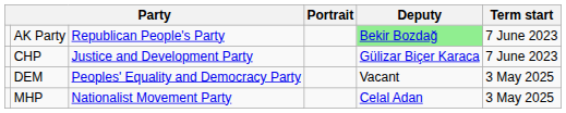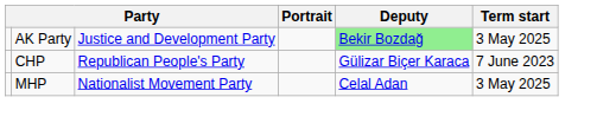 <table class="wikitable">
 <tr>
 <th colspan="3">Party</th>
 <th>Portrait</th>
 <th>Deputy</th>
 <th>Term start</th>
 </tr>
 <tr>
 <td style="background: "></td>
 <td>AK Party</td>
-<td><a href='#'>Republican People's Party</a></td>
+<td><a href='#'>Justice and Development Party</a></td>
 <td></td>
 <td style="background: lightgreen;"><a href='#'>Bekir Bozdağ</a></td>
-<td>7 June 2023</td>
+<td>3 May 2025</td>
 </tr>
 <tr>
 <td style="background: "></td>
 <td>CHP</td>
-<td><a href='#'>Justice and Development Party</a></td>
+<td><a href='#'>Republican People's Party</a></td>
 <td></td>
 <td><a href='#'>Gülizar Biçer Karaca</a></td>
 <td>7 June 2023</td>
-</tr>
-<tr>
-<td style="background: "></td>
-<td>DEM</td>
-<td><a href='#'>Peoples' Equality and Democracy Party</a></td>
-<td></td>
-<td>Vacant</td>
-<td>3 May 2025</td>
 </tr>
 <tr>
 <td style="background: "></td>
 <td>MHP</td>
 <td><a href='#'>Nationalist Movement Party</a></td>
 <td></td>
 <td><a href='#'>Celal Adan</a></td>
 <td>3 May 2025</td>
 </tr>
 </table>
